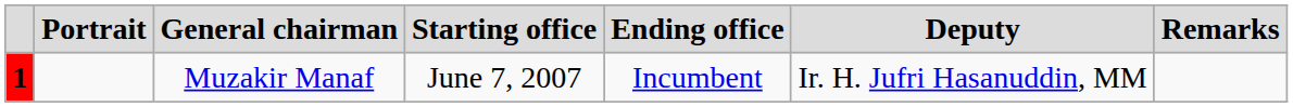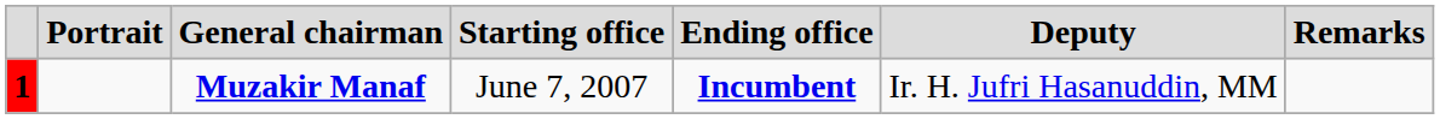 <table class="wikitable" style="text-align:center; width="40%" border="2" cellpadding="7" cellspacing="0" style="margin: 1em 1em 1em 0; background: #f9f9f9; border: 1px #aaa solid;">
 <tr>
 <th style="background:#DCDCDC;" align="center"></th>
 <th style="background:#DCDCDC;" align="center">Portrait</th>
 <th style="background:#DCDCDC;" align="center">General chairman</th>
 <th style="background:#DCDCDC;" align="center">Starting office</th>
 <th style="background:#DCDCDC;" align="center">Ending office</th>
 <th style="background:#DCDCDC;" align="center">Deputy</th>
 <th style="background:#DCDCDC;" align="center">Remarks</th>
 </tr>
 <tr align="center">
 <th style="background:#FF0000">1</th>
 <td></td>
-<td><a href='#'>Muzakir Manaf</a></td>
+<td><strong><a href='#'>Muzakir Manaf</a></strong></td>
 <td>June 7, 2007</td>
-<td><a href='#'>Incumbent</a></td>
+<td><strong><a href='#'>Incumbent</a></strong></td>
 <td>Ir. H. <a href='#'>Jufri Hasanuddin</a>, MM</td>
 </tr>
 </table>
